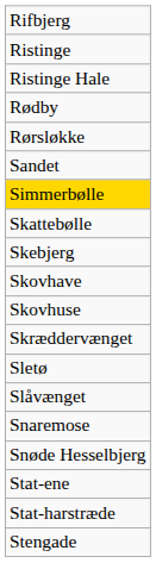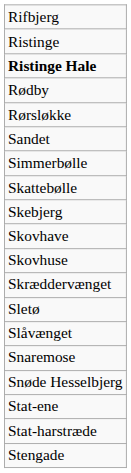 <table class="wikitable" style="float:left; margin-right:1em">
 <tr>
 <td>Rifbjerg</td>
 </tr>
 <tr>
 <td>Ristinge</td>
 </tr>
 <tr>
-<td>Ristinge Hale</td>
+<td><strong>Ristinge Hale</strong></td>
 </tr>
 <tr>
 <td>Rødby</td>
 </tr>
 <tr>
 <td>Rørsløkke</td>
 </tr>
 <tr>
 <td>Sandet</td>
 </tr>
 <tr>
-<td style="background: gold;">Simmerbølle</td>
+<td>Simmerbølle</td>
 </tr>
 <tr>
 <td>Skattebølle</td>
 </tr>
 <tr>
 <td>Skebjerg</td>
 </tr>
 <tr>
 <td>Skovhave</td>
 </tr>
 <tr>
 <td>Skovhuse</td>
 </tr>
 <tr>
 <td>Skræddervænget</td>
 </tr>
 <tr>
 <td>Sletø</td>
 </tr>
 <tr>
 <td>Slåvænget</td>
 </tr>
 <tr>
 <td>Snaremose</td>
 </tr>
 <tr>
 <td>Snøde Hesselbjerg</td>
 </tr>
 <tr>
 <td>Stat-ene</td>
 </tr>
 <tr>
 <td>Stat-harstræde</td>
 </tr>
 <tr>
 <td>Stengade</td>
 </tr>
 </table>
